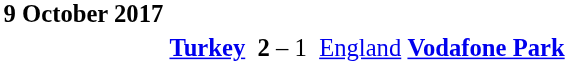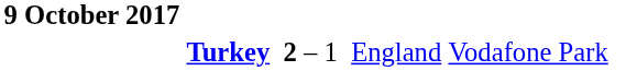 <table>
 <tr>
 <td><strong>9 October 2017</strong></td>
 </tr>
 <tr>
 <td></td>
 <td align=right><strong><a href='#'>Turkey</a></strong></td>
 <td></td>
 <td><strong>2</strong> – 1</td>
 <td></td>
 <td><a href='#'>England</a></td>
-<td><strong><a href='#'>Vodafone Park</a></strong></td>
+<td><a href='#'>Vodafone Park</a></td>
 <td></td>
 </tr>
 </table>
